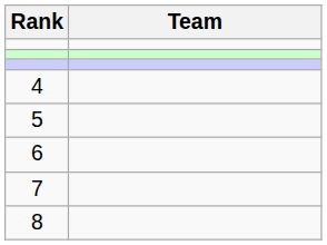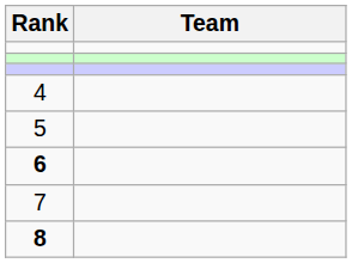 <table class="wikitable">
 <tr>
 <th width=40>Rank</th>
 <th width=180>Team</th>
 </tr>
 <tr>
 <td align=center></td>
 <td align="left"></td>
 </tr>
 <tr bgcolor=#ccffcc>
 <td align=center></td>
 <td align="left"></td>
 </tr>
 <tr bgcolor=#ccccff>
 <td align=center></td>
 <td align="left"></td>
 </tr>
 <tr>
 <td align=center>4</td>
 <td align="left"></td>
 </tr>
 <tr>
 <td align=center>5</td>
 <td align="left"></td>
 </tr>
 <tr>
-<td align=center>6</td>
+<td align=center><strong>6</strong></td>
 <td align="left"></td>
 </tr>
 <tr>
 <td align=center>7</td>
 <td align="left"></td>
 </tr>
 <tr>
-<td align=center>8</td>
+<td align=center><strong>8</strong></td>
 <td align="left"></td>
 </tr>
 </table>
